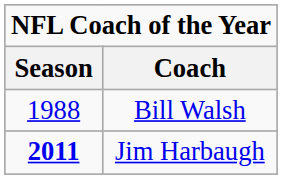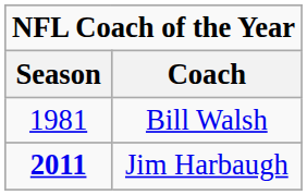 <table class="wikitable sortable" style="text-align:center">
 <tr>
 <td colspan="2"><strong>NFL Coach of the Year</strong></td>
 </tr>
 <tr>
 <th>Season</th>
 <th>Coach</th>
 </tr>
 <tr>
-<td><a href='#'>1988</a></td>
+<td><a href='#'>1981</a></td>
 <td><a href='#'>Bill Walsh</a></td>
 </tr>
 <tr>
 <td><strong><a href='#'>2011</a></strong></td>
 <td><a href='#'>Jim Harbaugh</a></td>
 </tr>
 </table>
